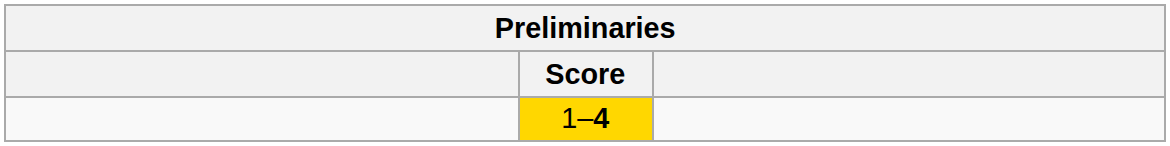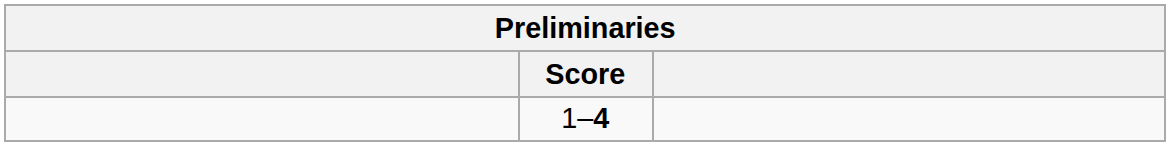 <table class="wikitable" style="text-align: center; font-size:90% ">
 <tr>
 <th colspan="3">Preliminaries</th>
 </tr>
 <tr>
 <th align=right width=250></th>
 <th width=60>Score</th>
 <th align=left width=250></th>
 </tr>
 <tr>
 <td align="left"></td>
-<td style="background: gold;">1–<strong>4</strong></td>
+<td>1–<strong>4</strong></td>
 <td align="left"><strong></strong></td>
 </tr>
 </table>
